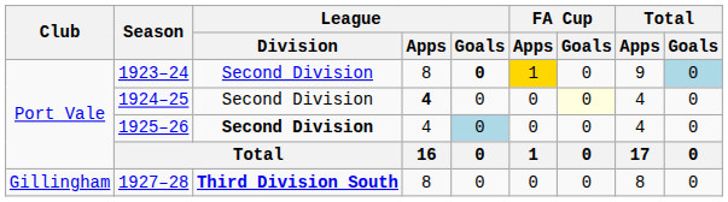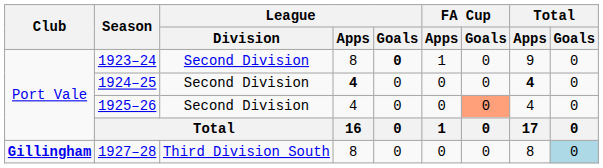 <table class="wikitable" style="text-align: center;">
 <tr>
 <th rowspan="2">Club</th>
 <th rowspan="2">Season</th>
 <th colspan="3">League</th>
 <th colspan="2">FA Cup</th>
 <th colspan="2">Total</th>
 </tr>
 <tr>
 <th>Division</th>
 <th>Apps</th>
 <th>Goals</th>
 <th>Apps</th>
 <th>Goals</th>
 <th>Apps</th>
 <th>Goals</th>
 </tr>
 <tr>
 <td rowspan="4"><a href='#'>Port Vale</a></td>
 <td><a href='#'>1923–24</a></td>
 <td><a href='#'>Second Division</a></td>
 <td>8</td>
 <td><strong>0</strong></td>
-<td style="background: gold;">1</td>
+<td>1</td>
 <td>0</td>
 <td>9</td>
-<td style="background: lightblue;">0</td>
+<td>0</td>
 </tr>
 <tr>
 <td><a href='#'>1924–25</a></td>
 <td>Second Division</td>
 <td><strong>4</strong></td>
 <td>0</td>
 <td>0</td>
-<td style="background: lightyellow;">0</td>
-<td>4</td>
+<td>0</td>
+<td><strong>4</strong></td>
 <td>0</td>
 </tr>
 <tr>
 <td><a href='#'>1925–26</a></td>
-<td><strong>Second Division</strong></td>
+<td>Second Division</td>
 <td>4</td>
-<td style="background: lightblue;">0</td>
 <td>0</td>
 <td>0</td>
+<td style="background: lightsalmon;">0</td>
 <td>4</td>
 <td>0</td>
 </tr>
 <tr>
 <th colspan="2">Total</th>
 <th>16</th>
 <th>0</th>
 <th>1</th>
 <th>0</th>
 <th>17</th>
 <th>0</th>
 </tr>
 <tr>
-<td><a href='#'>Gillingham</a></td>
+<td><strong><a href='#'>Gillingham</a></strong></td>
 <td><a href='#'>1927–28</a></td>
-<td><strong><a href='#'>Third Division South</a></strong></td>
+<td><a href='#'>Third Division South</a></td>
 <td>8</td>
 <td>0</td>
 <td>0</td>
 <td>0</td>
 <td>8</td>
-<td>0</td>
+<td style="background: lightblue;">0</td>
 </tr>
 </table>
